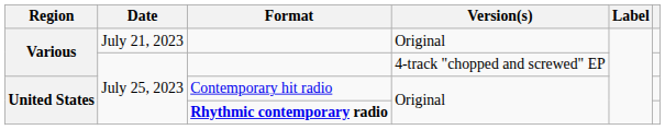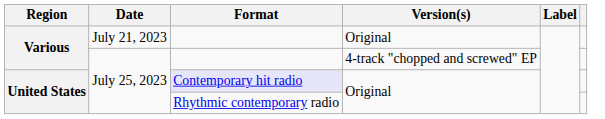 <table class="wikitable plainrowheaders">
 <tr>
 <th scope="col">Region</th>
 <th scope="col">Date</th>
 <th scope="col">Format</th>
 <th scope="col">Version(s)</th>
 <th scope="col">Label</th>
 <th scope="col"></th>
 </tr>
 <tr>
 <th scope="row" rowspan="2">Various</th>
 <td>July 21, 2023</td>
 <td></td>
 <td>Original</td>
 <td rowspan="4"></td>
 <td align="center"></td>
 </tr>
 <tr>
 <td rowspan="3">July 25, 2023</td>
 <td></td>
 <td>4-track "chopped and screwed"  EP</td>
 <td align="center"></td>
 </tr>
 <tr>
 <th scope="row" rowspan="2">United States</th>
-<td><a href='#'>Contemporary hit radio</a></td>
+<td style="background: lavender;"><a href='#'>Contemporary hit radio</a></td>
 <td rowspan="2">Original</td>
 <td align="center"></td>
 </tr>
 <tr>
-<td><strong><a href='#'>Rhythmic contemporary</a> radio</strong></td>
+<td><a href='#'>Rhythmic contemporary</a> radio</td>
 <td align="center"></td>
 </tr>
 </table>
